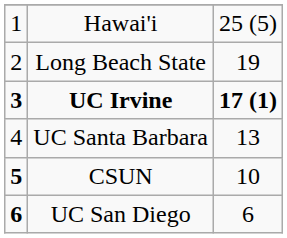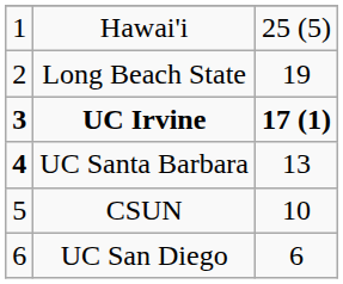 <table class="wikitable">
 <tr align="center">
 </tr>
 <tr align="center">
 <td>1</td>
 <td>Hawai'i</td>
 <td>25 (5)</td>
 </tr>
 <tr align="center">
 <td>2</td>
 <td>Long Beach State</td>
 <td>19</td>
 </tr>
 <tr align="center">
 <td><strong>3</strong></td>
 <td><strong>UC Irvine</strong></td>
 <td><strong>17 (1)</strong></td>
 </tr>
 <tr align="center">
-<td>4</td>
+<td><strong>4</strong></td>
 <td>UC Santa Barbara</td>
 <td>13</td>
 </tr>
 <tr align="center">
-<td><strong>5</strong></td>
+<td>5</td>
 <td>CSUN</td>
 <td>10</td>
 </tr>
 <tr align="center">
-<td><strong>6</strong></td>
+<td>6</td>
 <td>UC San Diego</td>
 <td>6</td>
 </tr>
 </table>
